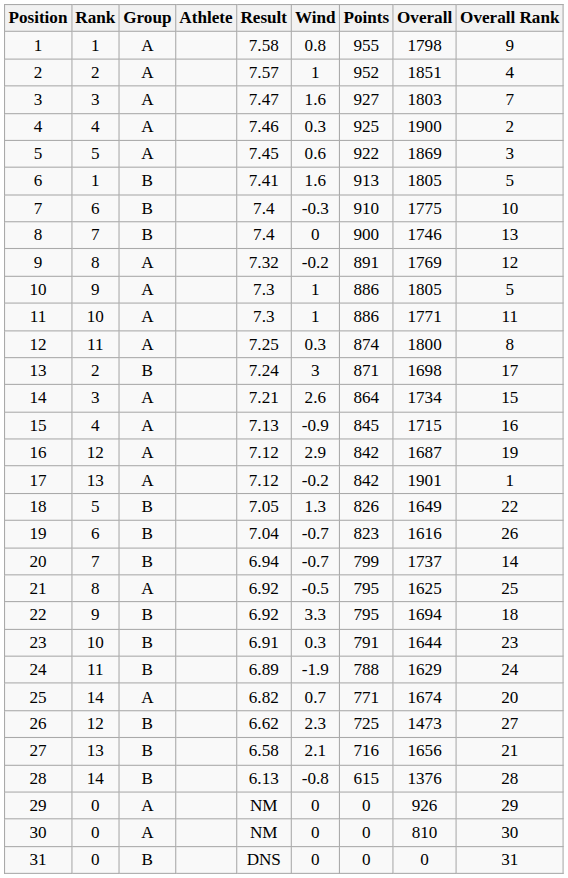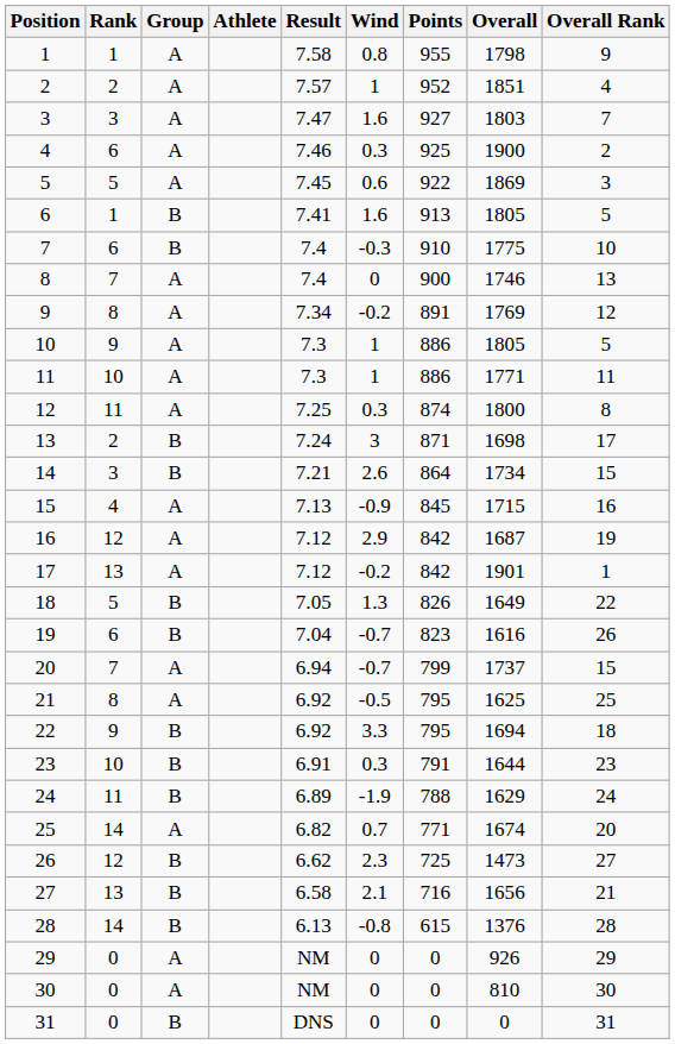 <table class="wikitable sortable" style="text-align:center">
 <tr>
 <th>Position</th>
 <th>Rank</th>
 <th>Group</th>
 <th>Athlete</th>
 <th>Result</th>
 <th>Wind</th>
 <th>Points</th>
 <th>Overall</th>
 <th>Overall Rank</th>
 </tr>
 <tr>
 <td>1</td>
 <td>1</td>
 <td>A</td>
 <td align=left></td>
 <td>7.58</td>
 <td>0.8</td>
 <td>955</td>
 <td>1798</td>
 <td>9</td>
 </tr>
 <tr>
 <td>2</td>
 <td>2</td>
 <td>A</td>
 <td align=left></td>
 <td>7.57</td>
 <td>1</td>
 <td>952</td>
 <td>1851</td>
 <td>4</td>
 </tr>
 <tr>
 <td>3</td>
 <td>3</td>
 <td>A</td>
 <td align=left></td>
 <td>7.47</td>
 <td>1.6</td>
 <td>927</td>
 <td>1803</td>
 <td>7</td>
 </tr>
 <tr>
 <td>4</td>
-<td>4</td>
+<td>6</td>
 <td>A</td>
 <td align=left></td>
 <td>7.46</td>
 <td>0.3</td>
 <td>925</td>
 <td>1900</td>
 <td>2</td>
 </tr>
 <tr>
 <td>5</td>
 <td>5</td>
 <td>A</td>
 <td align=left></td>
 <td>7.45</td>
 <td>0.6</td>
 <td>922</td>
 <td>1869</td>
 <td>3</td>
 </tr>
 <tr>
 <td>6</td>
 <td>1</td>
 <td>B</td>
 <td align=left></td>
 <td>7.41</td>
 <td>1.6</td>
 <td>913</td>
 <td>1805</td>
 <td>5</td>
 </tr>
 <tr>
 <td>7</td>
 <td>6</td>
 <td>B</td>
 <td align=left></td>
 <td>7.4</td>
 <td>-0.3</td>
 <td>910</td>
 <td>1775</td>
 <td>10</td>
 </tr>
 <tr>
 <td>8</td>
 <td>7</td>
-<td>B</td>
+<td>A</td>
 <td align=left></td>
 <td>7.4</td>
 <td>0</td>
 <td>900</td>
 <td>1746</td>
 <td>13</td>
 </tr>
 <tr>
 <td>9</td>
 <td>8</td>
 <td>A</td>
 <td align=left></td>
-<td>7.32</td>
+<td>7.34</td>
 <td>-0.2</td>
 <td>891</td>
 <td>1769</td>
 <td>12</td>
 </tr>
 <tr>
 <td>10</td>
 <td>9</td>
 <td>A</td>
 <td align=left></td>
 <td>7.3</td>
 <td>1</td>
 <td>886</td>
 <td>1805</td>
 <td>5</td>
 </tr>
 <tr>
 <td>11</td>
 <td>10</td>
 <td>A</td>
 <td align=left></td>
 <td>7.3</td>
 <td>1</td>
 <td>886</td>
 <td>1771</td>
 <td>11</td>
 </tr>
 <tr>
 <td>12</td>
 <td>11</td>
 <td>A</td>
 <td align=left></td>
 <td>7.25</td>
 <td>0.3</td>
 <td>874</td>
 <td>1800</td>
 <td>8</td>
 </tr>
 <tr>
 <td>13</td>
 <td>2</td>
 <td>B</td>
 <td align=left></td>
 <td>7.24</td>
 <td>3</td>
 <td>871</td>
 <td>1698</td>
 <td>17</td>
 </tr>
 <tr>
 <td>14</td>
 <td>3</td>
-<td>A</td>
+<td>B</td>
 <td align=left></td>
 <td>7.21</td>
 <td>2.6</td>
 <td>864</td>
 <td>1734</td>
 <td>15</td>
 </tr>
 <tr>
 <td>15</td>
 <td>4</td>
 <td>A</td>
 <td align=left></td>
 <td>7.13</td>
 <td>-0.9</td>
 <td>845</td>
 <td>1715</td>
 <td>16</td>
 </tr>
 <tr>
 <td>16</td>
 <td>12</td>
 <td>A</td>
 <td align=left></td>
 <td>7.12</td>
 <td>2.9</td>
 <td>842</td>
 <td>1687</td>
 <td>19</td>
 </tr>
 <tr>
 <td>17</td>
 <td>13</td>
 <td>A</td>
 <td align=left></td>
 <td>7.12</td>
 <td>-0.2</td>
 <td>842</td>
 <td>1901</td>
 <td>1</td>
 </tr>
 <tr>
 <td>18</td>
 <td>5</td>
 <td>B</td>
 <td align=left></td>
 <td>7.05</td>
 <td>1.3</td>
 <td>826</td>
 <td>1649</td>
 <td>22</td>
 </tr>
 <tr>
 <td>19</td>
 <td>6</td>
 <td>B</td>
 <td align=left></td>
 <td>7.04</td>
 <td>-0.7</td>
 <td>823</td>
 <td>1616</td>
 <td>26</td>
 </tr>
 <tr>
 <td>20</td>
 <td>7</td>
-<td>B</td>
+<td>A</td>
 <td align=left></td>
 <td>6.94</td>
 <td>-0.7</td>
 <td>799</td>
 <td>1737</td>
-<td>14</td>
+<td>15</td>
 </tr>
 <tr>
 <td>21</td>
 <td>8</td>
 <td>A</td>
 <td align=left></td>
 <td>6.92</td>
 <td>-0.5</td>
 <td>795</td>
 <td>1625</td>
 <td>25</td>
 </tr>
 <tr>
 <td>22</td>
 <td>9</td>
 <td>B</td>
 <td align=left></td>
 <td>6.92</td>
 <td>3.3</td>
 <td>795</td>
 <td>1694</td>
 <td>18</td>
 </tr>
 <tr>
 <td>23</td>
 <td>10</td>
 <td>B</td>
 <td align=left></td>
 <td>6.91</td>
 <td>0.3</td>
 <td>791</td>
 <td>1644</td>
 <td>23</td>
 </tr>
 <tr>
 <td>24</td>
 <td>11</td>
 <td>B</td>
 <td align=left></td>
 <td>6.89</td>
 <td>-1.9</td>
 <td>788</td>
 <td>1629</td>
 <td>24</td>
 </tr>
 <tr>
 <td>25</td>
 <td>14</td>
 <td>A</td>
 <td align=left></td>
 <td>6.82</td>
 <td>0.7</td>
 <td>771</td>
 <td>1674</td>
 <td>20</td>
 </tr>
 <tr>
 <td>26</td>
 <td>12</td>
 <td>B</td>
 <td align=left></td>
 <td>6.62</td>
 <td>2.3</td>
 <td>725</td>
 <td>1473</td>
 <td>27</td>
 </tr>
 <tr>
 <td>27</td>
 <td>13</td>
 <td>B</td>
 <td align=left></td>
 <td>6.58</td>
 <td>2.1</td>
 <td>716</td>
 <td>1656</td>
 <td>21</td>
 </tr>
 <tr>
 <td>28</td>
 <td>14</td>
 <td>B</td>
 <td align=left></td>
 <td>6.13</td>
 <td>-0.8</td>
 <td>615</td>
 <td>1376</td>
 <td>28</td>
 </tr>
 <tr>
 <td>29</td>
 <td>0</td>
 <td>A</td>
 <td align=left></td>
 <td>NM</td>
 <td>0</td>
 <td>0</td>
 <td>926</td>
 <td>29</td>
 </tr>
 <tr>
 <td>30</td>
 <td>0</td>
 <td>A</td>
 <td align=left></td>
 <td>NM</td>
 <td>0</td>
 <td>0</td>
 <td>810</td>
 <td>30</td>
 </tr>
 <tr>
 <td>31</td>
 <td>0</td>
 <td>B</td>
 <td align=left></td>
 <td>DNS</td>
 <td>0</td>
 <td>0</td>
 <td>0</td>
 <td>31</td>
 </tr>
 </table>
